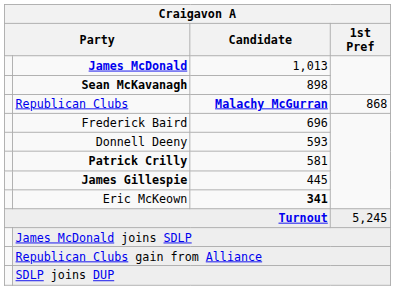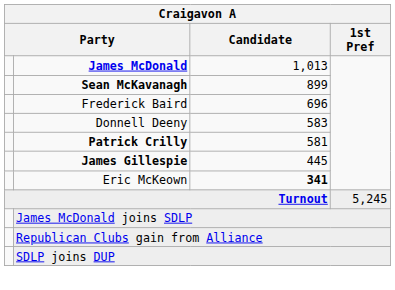 <table class="wikitable">
 <tr>
 <th colspan="4" align="center">Craigavon A</th>
 </tr>
 <tr>
 <th colspan="2" align="center" width=200>Party</th>
 <th width=150>Candidate</th>
 <th width=60>1st Pref</th>
 </tr>
 <tr>
 <td></td>
 <td align="right"><strong><a href='#'>James McDonald</a></strong></td>
 <td align="right">1,013</td>
 </tr>
 <tr>
 <td></td>
 <td align="right"><strong>Sean McKavanagh</strong></td>
-<td align="right">898</td>
-</tr>
-<tr>
-<td style="background-color: "></td>
-<td><a href='#'>Republican Clubs</a></td>
-<td align="right"><strong><a href='#'>Malachy McGurran</a></strong></td>
-<td align="right">868</td>
+<td align="right">899</td>
 </tr>
 <tr>
 <td></td>
 <td align="right">Frederick Baird</td>
 <td align="right">696</td>
 </tr>
 <tr>
 <td></td>
 <td align="right">Donnell Deeny</td>
-<td align="right">593</td>
+<td align="right">583</td>
 </tr>
 <tr>
 <td></td>
 <td align="right"><strong>Patrick Crilly</strong></td>
 <td align="right">581</td>
 </tr>
 <tr>
 <td></td>
 <td align="right"><strong>James Gillespie</strong></td>
 <td align="right">445</td>
 </tr>
 <tr>
 <td></td>
 <td align="right">Eric McKeown</td>
 <td align="right"><strong>341</strong></td>
 </tr>
 <tr bgcolor="EEEEEE">
 <td colspan=3 align="right"><strong><a href='#'>Turnout</a></strong></td>
 <td align="right">5,245</td>
 </tr>
 <tr>
 <td bgcolor=></td>
 <td colspan=3 bgcolor="EEEEEE"><a href='#'>James McDonald</a> joins <a href='#'>SDLP</a></td>
 </tr>
 <tr>
 <td bgcolor=></td>
 <td colspan=3 bgcolor="EEEEEE"><a href='#'>Republican Clubs</a> gain from <a href='#'>Alliance</a></td>
 </tr>
 <tr>
 <td bgcolor=></td>
 <td colspan=3 bgcolor="EEEEEE"><a href='#'>SDLP</a> joins <a href='#'>DUP</a></td>
 </tr>
 </table>
